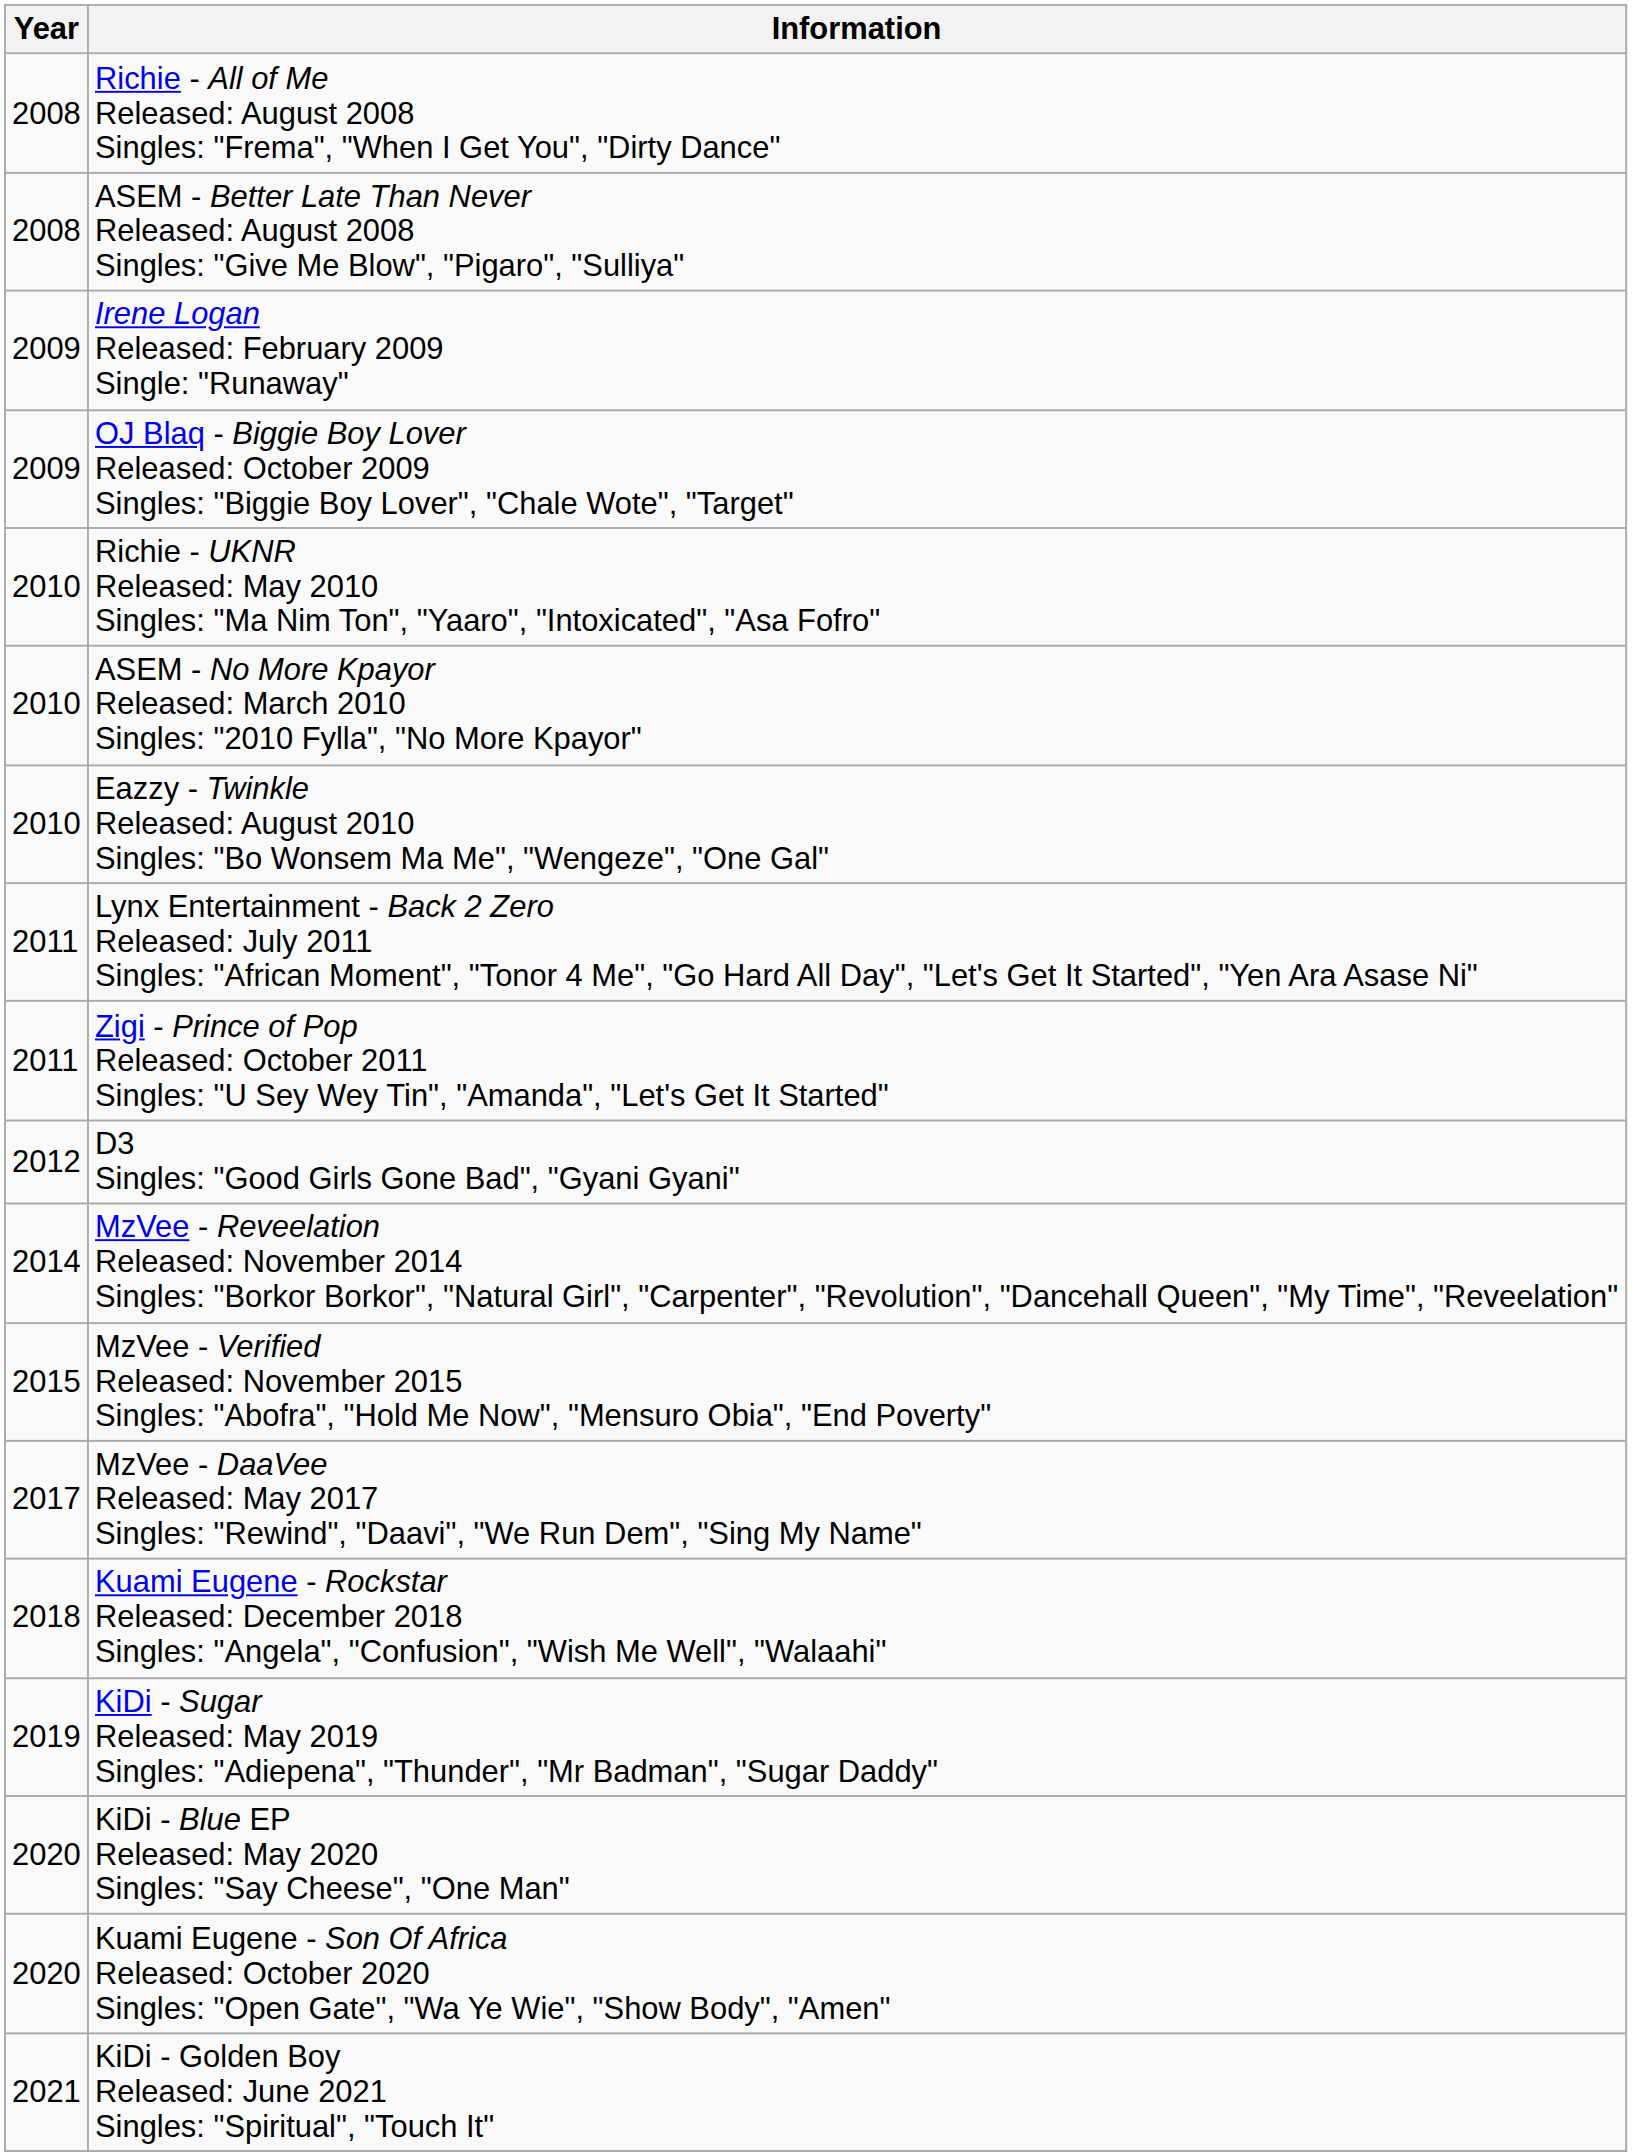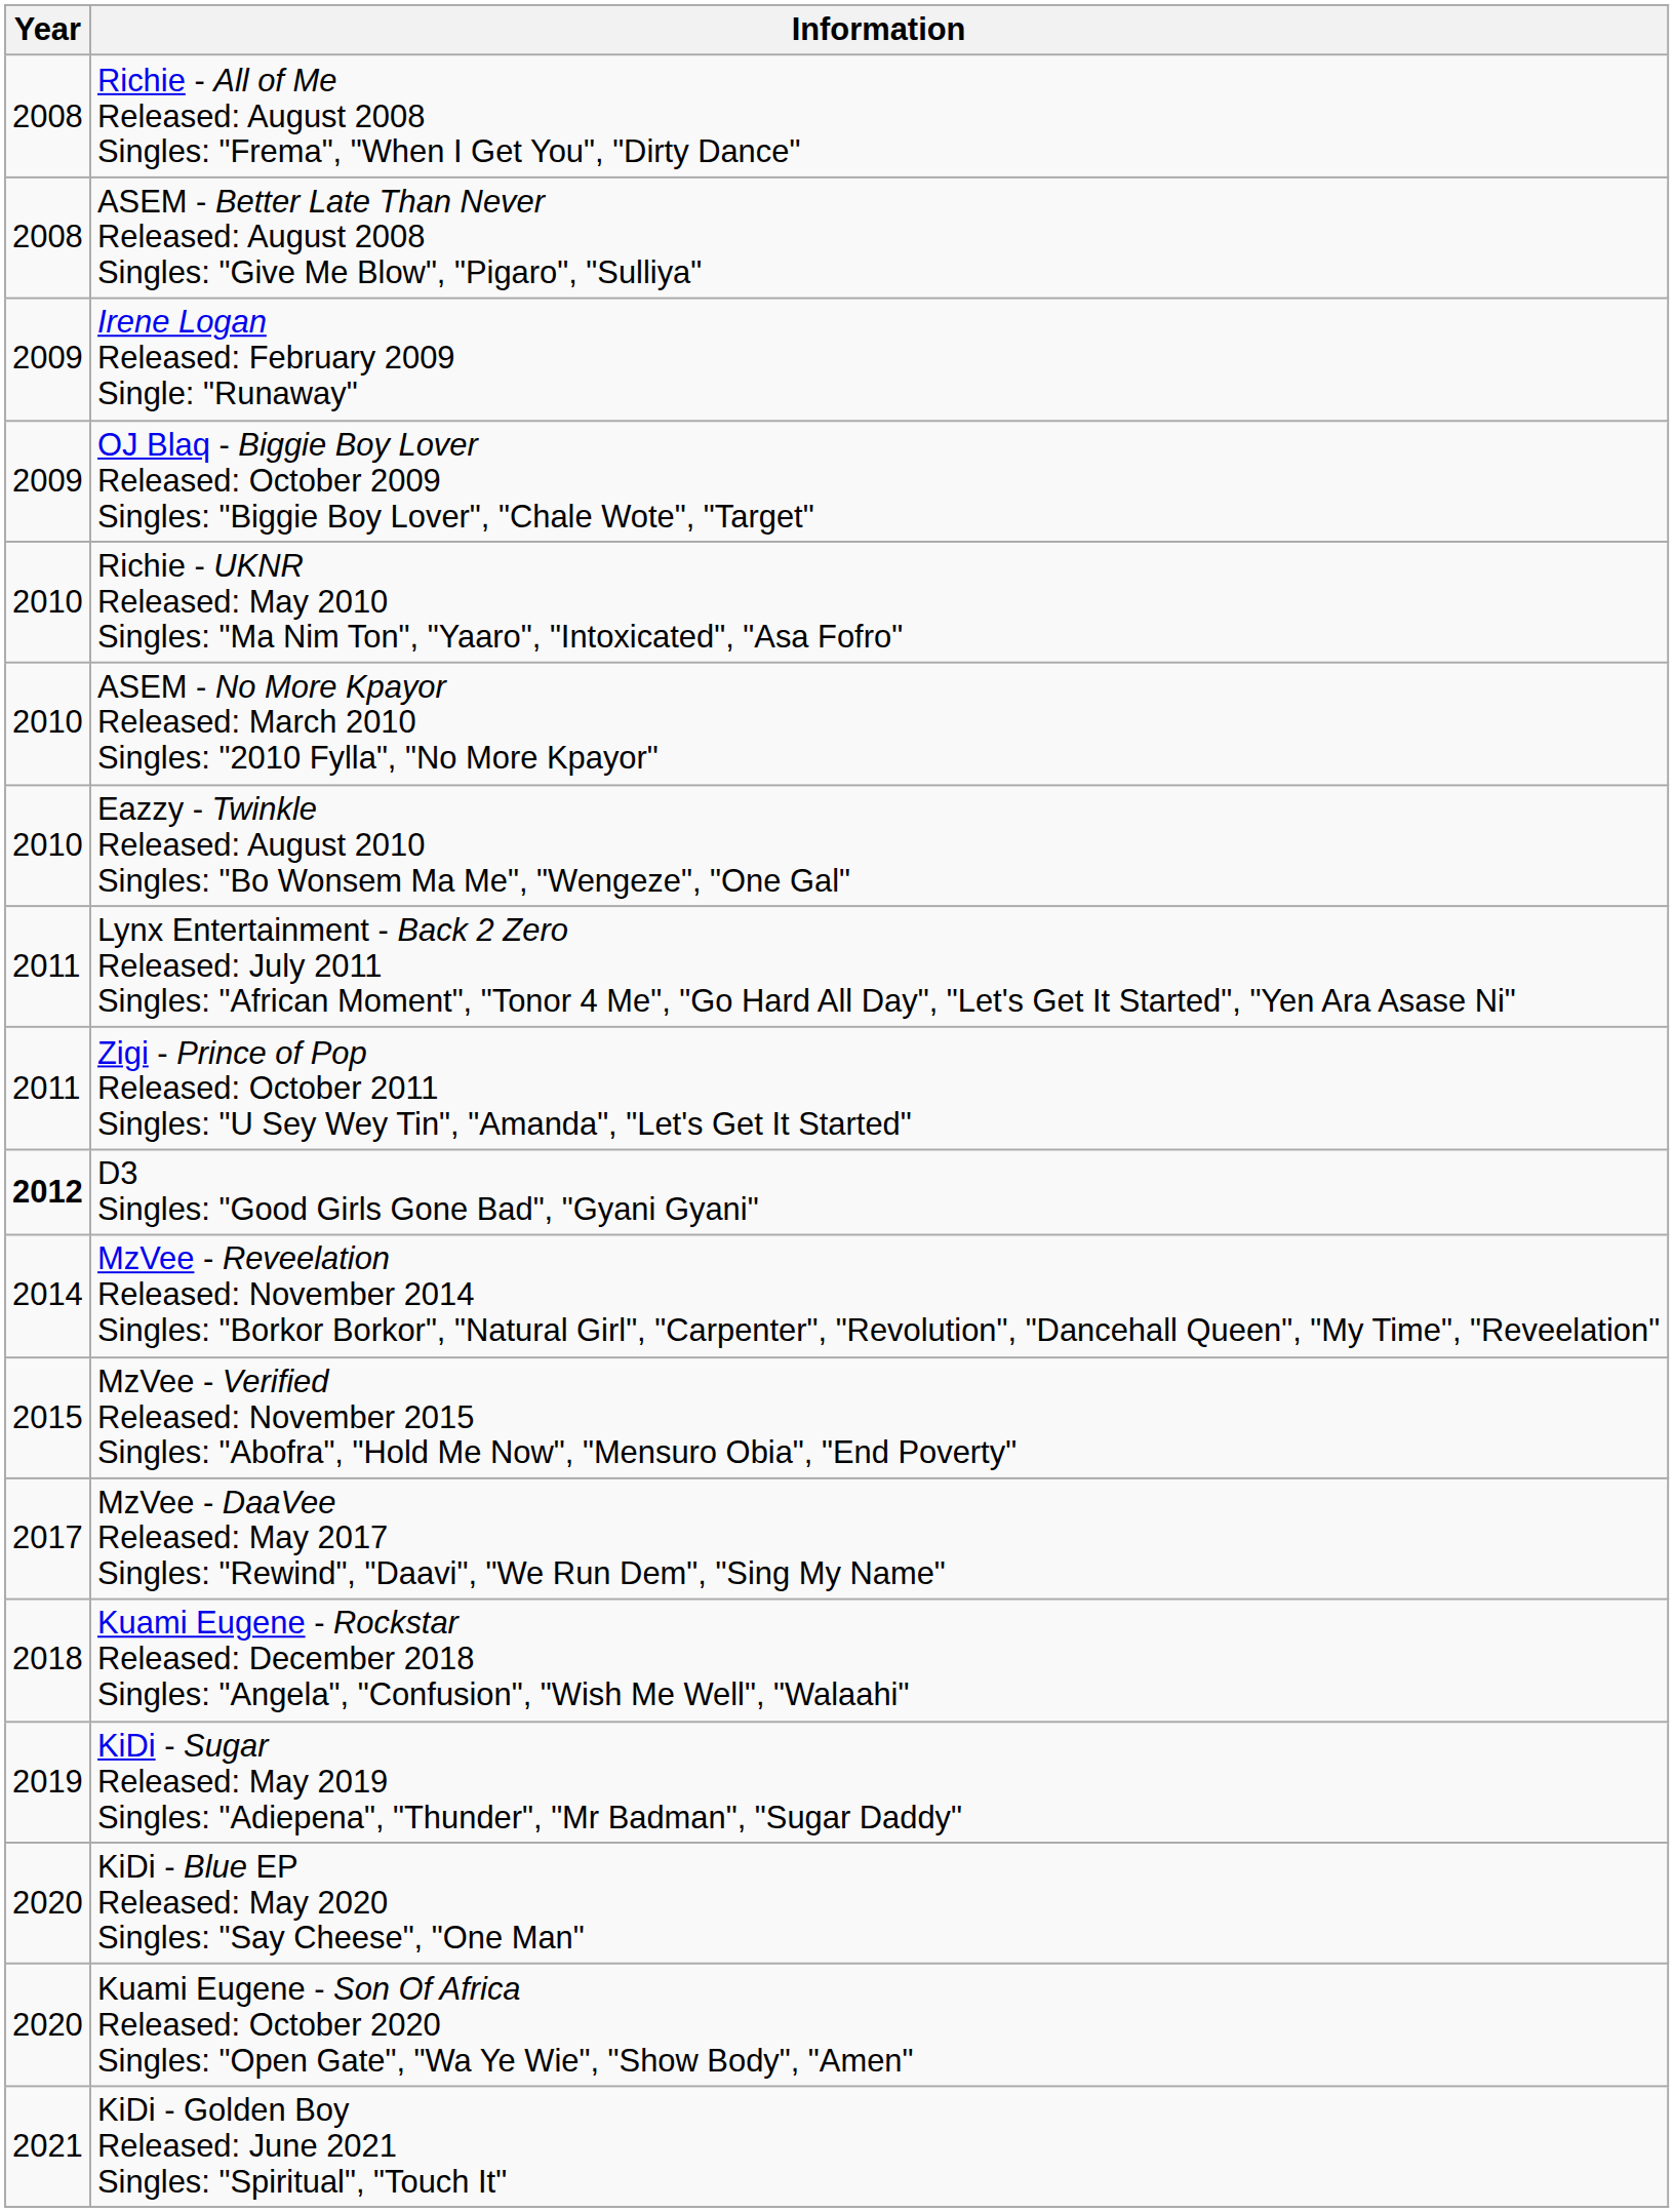 <table class="wikitable">
 <tr>
 <th>Year</th>
 <th>Information</th>
 </tr>
 <tr>
 <td>2008</td>
 <td><a href='#'>Richie</a> - <em>All of Me</em><br>Released: August 2008<br>Singles: "Frema", "When I Get You", "Dirty Dance"</td>
 </tr>
 <tr>
 <td>2008</td>
 <td>ASEM - <em>Better Late Than Never</em><br>Released: August 2008<br>Singles: "Give Me Blow", "Pigaro", "Sulliya"</td>
 </tr>
 <tr>
 <td>2009</td>
 <td><em><a href='#'>Irene Logan</a></em><br>Released: February 2009<br>Single: "Runaway"</td>
 </tr>
 <tr>
 <td>2009</td>
 <td><a href='#'>OJ Blaq</a> - <em>Biggie Boy Lover</em><br>Released: October 2009<br>Singles: "Biggie Boy Lover", "Chale Wote", "Target"</td>
 </tr>
 <tr>
 <td>2010</td>
 <td>Richie - <em>UKNR</em><br>Released: May 2010<br>Singles: "Ma Nim Ton", "Yaaro", "Intoxicated", "Asa Fofro"</td>
 </tr>
 <tr>
 <td>2010</td>
 <td>ASEM - <em>No More Kpayor</em><br>Released: March 2010<br>Singles: "2010 Fylla", "No More Kpayor"</td>
 </tr>
 <tr>
 <td>2010</td>
 <td>Eazzy - <em>Twinkle</em><br>Released: August 2010<br>Singles: "Bo Wonsem Ma Me", "Wengeze", "One Gal"</td>
 </tr>
 <tr>
 <td>2011</td>
 <td>Lynx Entertainment - <em>Back 2 Zero</em><br>Released: July 2011<br>Singles: "African Moment", "Tonor 4 Me", "Go Hard All Day", "Let's Get It Started", "Yen Ara Asase Ni"</td>
 </tr>
 <tr>
 <td>2011</td>
 <td><a href='#'>Zigi</a> - <em>Prince of Pop</em><br>Released: October 2011<br>Singles: "U Sey Wey Tin", "Amanda", "Let's Get It Started"</td>
 </tr>
 <tr>
-<td>2012</td>
+<td><strong>2012</strong></td>
 <td>D3<br>Singles: "Good Girls Gone Bad", "Gyani Gyani"</td>
 </tr>
 <tr>
 <td>2014</td>
 <td><a href='#'>MzVee</a> -<em> Reveelation</em><br>Released: November 2014<br>Singles: "Borkor Borkor", "Natural Girl", "Carpenter", "Revolution", "Dancehall Queen", "My Time", "Reveelation"</td>
 </tr>
 <tr>
 <td>2015</td>
 <td>MzVee - <em>Verified</em><br>Released: November 2015<br>Singles: "Abofra", "Hold Me Now", "Mensuro Obia", "End Poverty"</td>
 </tr>
 <tr>
 <td>2017</td>
 <td>MzVee - <em>DaaVee</em><br>Released: May 2017<br>Singles: "Rewind", "Daavi", "We Run Dem", "Sing My Name"</td>
 </tr>
 <tr>
 <td>2018</td>
 <td><a href='#'>Kuami Eugene</a> - <em>Rockstar</em><br>Released: December 2018<br>Singles: "Angela", "Confusion", "Wish Me Well", "Walaahi"</td>
 </tr>
 <tr>
 <td>2019</td>
 <td><a href='#'>KiDi</a> - <em>Sugar</em><br>Released: May 2019<br>Singles: "Adiepena", "Thunder", "Mr Badman", "Sugar Daddy"</td>
 </tr>
 <tr>
 <td>2020</td>
 <td>KiDi - <em>Blue</em> EP<br>Released: May 2020<br>Singles: "Say Cheese", "One Man"</td>
 </tr>
 <tr>
 <td>2020</td>
 <td>Kuami Eugene - <em>Son Of Africa</em><br>Released: October 2020<br>Singles: "Open Gate", "Wa Ye Wie", "Show Body", "Amen"</td>
 </tr>
 <tr>
 <td>2021</td>
 <td>KiDi - Golden Boy<br>Released: June 2021<br>Singles: "Spiritual", "Touch It"</td>
 </tr>
 <tr>
 </tr>
 </table>
